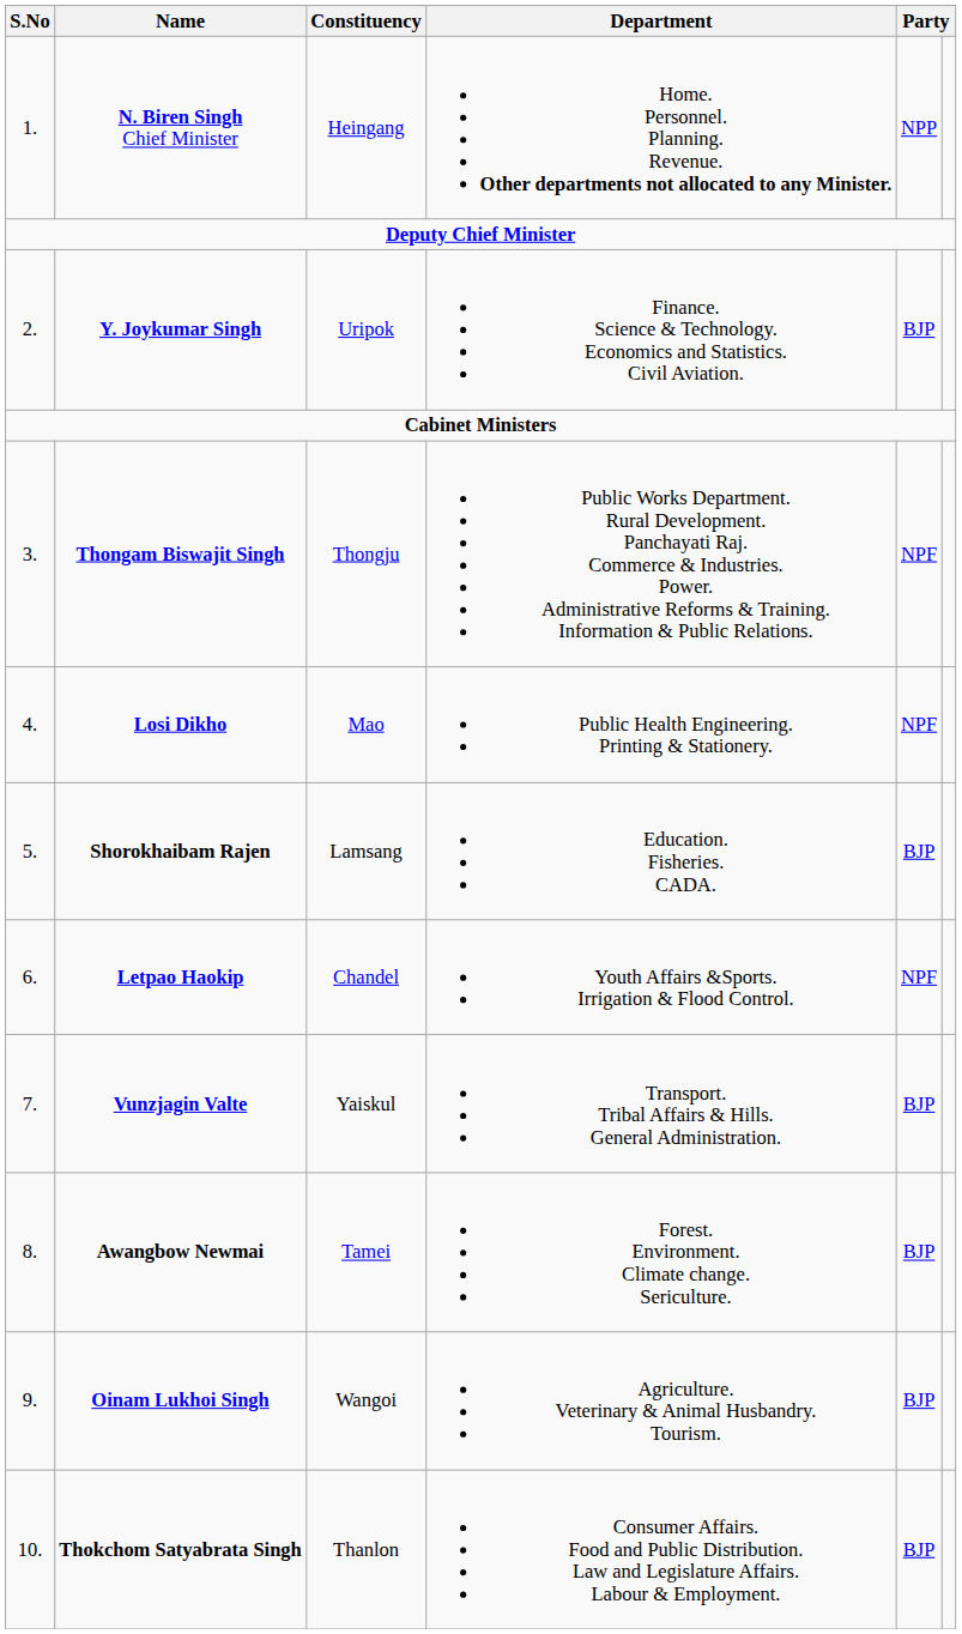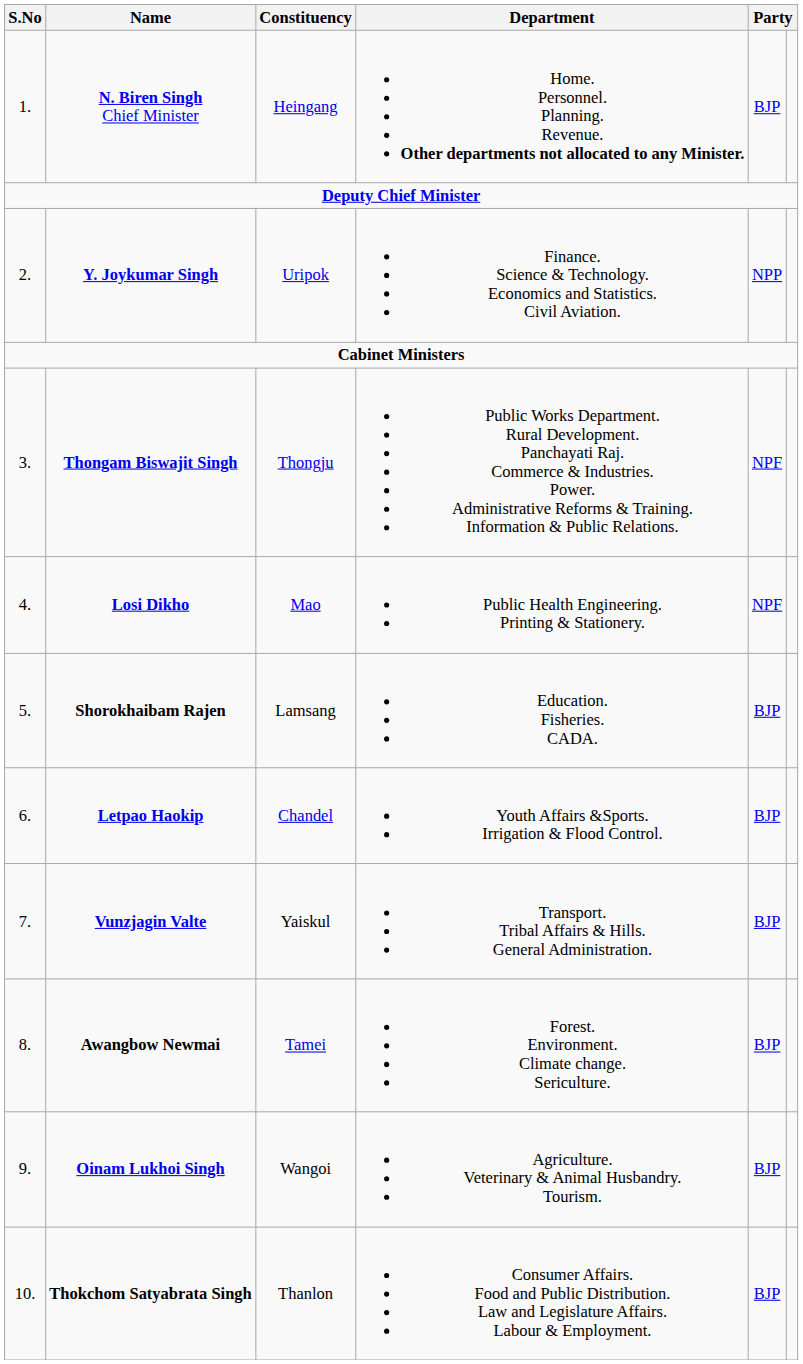 <table class="wikitable sortable" style="text-align:center;">
 <tr>
 <th>S.No</th>
 <th>Name</th>
 <th>Constituency</th>
 <th>Department</th>
 <th colspan="2" scope="col">Party</th>
 </tr>
 <tr>
 <td>1.</td>
 <td><strong><a href='#'>N. Biren Singh</a></strong><br><a href='#'>Chief Minister</a></td>
 <td><a href='#'>Heingang</a></td>
 <td><br><ul><li>Home.</li><li>Personnel.</li><li>Planning.</li><li>Revenue.</li><li><strong>Other departments not allocated to any Minister.</strong></li></ul></td>
-<td><a href='#'>NPP</a></td>
+<td><a href='#'>BJP</a></td>
 <td width="4px"></td>
 </tr>
 <tr>
 <td style="text-align: center;" colspan=6><strong><a href='#'>Deputy Chief Minister</a></strong></td>
 </tr>
 <tr>
 <td>2.</td>
 <td><strong><a href='#'>Y. Joykumar Singh</a></strong></td>
 <td><a href='#'>Uripok</a></td>
 <td><br><ul><li>Finance.</li><li>Science & Technology.</li><li>Economics and Statistics.</li><li>Civil Aviation.</li></ul></td>
-<td><a href='#'>BJP</a></td>
+<td><a href='#'>NPP</a></td>
 <td width="4px"></td>
 </tr>
 <tr>
 <td style="text-align: center;" colspan=6><strong>Cabinet Ministers</strong></td>
 </tr>
 <tr>
 <td>3.</td>
 <td><strong><a href='#'>Thongam Biswajit Singh</a></strong></td>
 <td><a href='#'>Thongju</a></td>
 <td><br><ul><li>Public Works Department.</li><li>Rural Development.</li><li>Panchayati Raj.</li><li>Commerce & Industries.</li><li>Power.</li><li>Administrative Reforms & Training.</li><li>Information & Public Relations.</li></ul></td>
 <td><a href='#'>NPF</a></td>
 <td width="4px"></td>
 </tr>
 <tr>
 <td>4.</td>
 <td><strong><a href='#'>Losi Dikho</a></strong></td>
 <td><a href='#'>Mao</a></td>
 <td><br><ul><li>Public Health Engineering.</li><li>Printing & Stationery.</li></ul></td>
 <td><a href='#'>NPF</a></td>
 <td width="4px"></td>
 </tr>
 <tr>
 <td>5.</td>
 <td><strong>Shorokhaibam Rajen</strong></td>
 <td>Lamsang</td>
 <td><br><ul><li>Education.</li><li>Fisheries.</li><li>CADA.</li></ul></td>
 <td><a href='#'>BJP</a></td>
 <td width="4px"></td>
 </tr>
 <tr>
 <td>6.</td>
 <td><strong><a href='#'>Letpao Haokip</a></strong></td>
 <td><a href='#'>Chandel</a></td>
 <td><br><ul><li>Youth Affairs &Sports.</li><li>Irrigation & Flood Control.</li></ul></td>
-<td><a href='#'>NPF</a></td>
+<td><a href='#'>BJP</a></td>
 <td width="4px"></td>
 </tr>
 <tr>
 <td>7.</td>
 <td><strong><a href='#'>Vunzjagin Valte</a></strong></td>
 <td>Yaiskul</td>
 <td><br><ul><li>Transport.</li><li>Tribal Affairs & Hills.</li><li>General Administration.</li></ul></td>
 <td><a href='#'>BJP</a></td>
 <td width="4px"></td>
 </tr>
 <tr>
 <td>8.</td>
 <td><strong>Awangbow Newmai</strong></td>
 <td><a href='#'>Tamei</a></td>
 <td><br><ul><li>Forest.</li><li>Environment.</li><li>Climate change.</li><li>Sericulture.</li></ul></td>
 <td><a href='#'>BJP</a></td>
 <td width="4px"></td>
 </tr>
 <tr>
 <td>9.</td>
 <td><strong><a href='#'>Oinam Lukhoi Singh</a></strong></td>
 <td>Wangoi</td>
 <td><br><ul><li>Agriculture.</li><li>Veterinary & Animal Husbandry.</li><li>Tourism.</li></ul></td>
 <td><a href='#'>BJP</a></td>
 <td width="4px"></td>
 </tr>
 <tr>
 <td>10.</td>
 <td><strong>Thokchom Satyabrata Singh</strong></td>
 <td>Thanlon</td>
 <td><br><ul><li>Consumer Affairs.</li><li>Food and Public Distribution.</li><li>Law and Legislature Affairs.</li><li>Labour & Employment.</li></ul></td>
 <td><a href='#'>BJP</a></td>
 <td width="4px"></td>
 </tr>
 </table>
